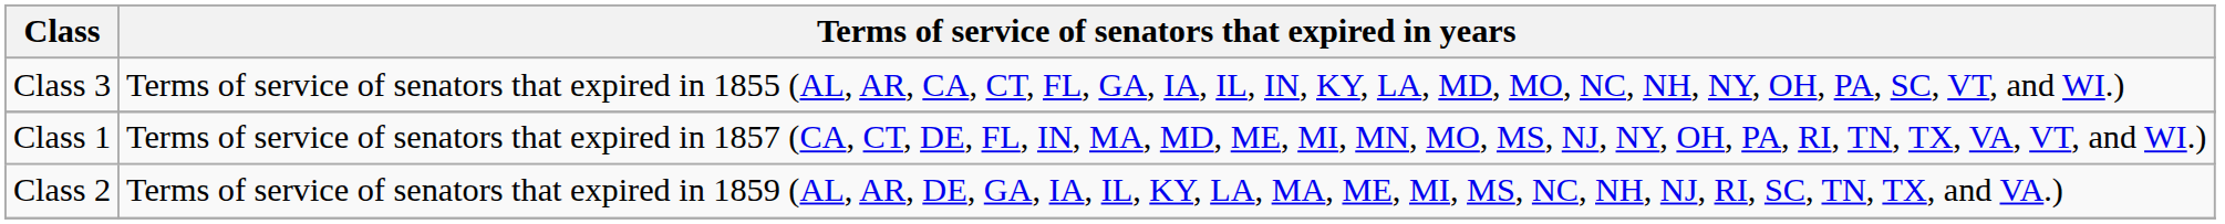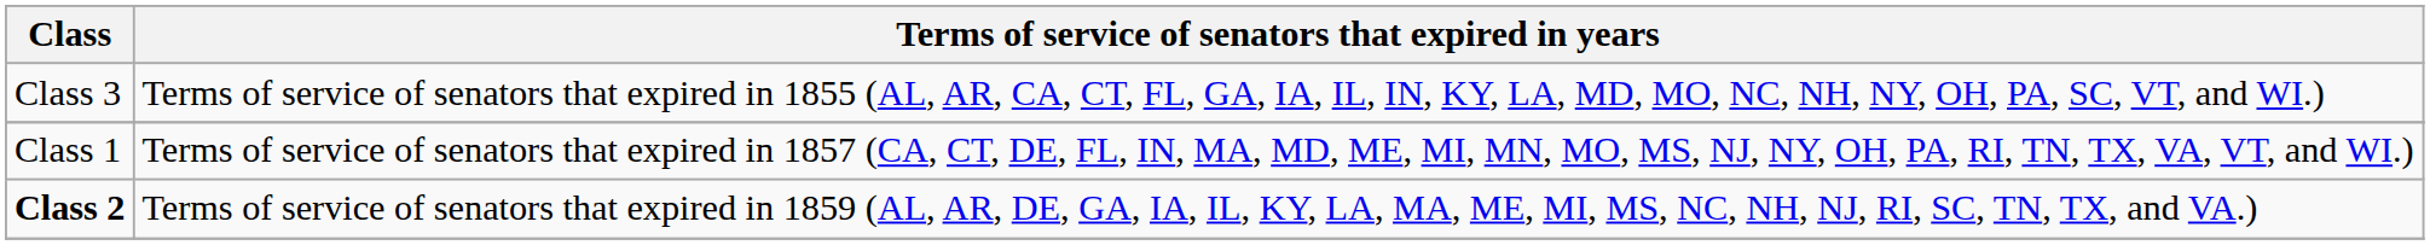 <table class="wikitable sortable">
 <tr valign=bottom>
 <th>Class</th>
 <th>Terms of service of senators that expired in years</th>
 </tr>
 <tr>
 <td>Class 3</td>
 <td>Terms of service of senators that expired in 1855 (<a href='#'>AL</a>, <a href='#'>AR</a>, <a href='#'>CA</a>, <a href='#'>CT</a>, <a href='#'>FL</a>, <a href='#'>GA</a>, <a href='#'>IA</a>, <a href='#'>IL</a>, <a href='#'>IN</a>, <a href='#'>KY</a>, <a href='#'>LA</a>, <a href='#'>MD</a>, <a href='#'>MO</a>, <a href='#'>NC</a>, <a href='#'>NH</a>, <a href='#'>NY</a>, <a href='#'>OH</a>, <a href='#'>PA</a>, <a href='#'>SC</a>, <a href='#'>VT</a>, and <a href='#'>WI</a>.)</td>
 </tr>
 <tr>
 </tr>
 <tr>
 <td>Class 1</td>
 <td>Terms of service of senators that expired in 1857 (<a href='#'>CA</a>, <a href='#'>CT</a>, <a href='#'>DE</a>, <a href='#'>FL</a>, <a href='#'>IN</a>, <a href='#'>MA</a>, <a href='#'>MD</a>, <a href='#'>ME</a>,  <a href='#'>MI</a>, <a href='#'>MN</a>, <a href='#'>MO</a>, <a href='#'>MS</a>, <a href='#'>NJ</a>, <a href='#'>NY</a>, <a href='#'>OH</a>, <a href='#'>PA</a>, <a href='#'>RI</a>, <a href='#'>TN</a>, <a href='#'>TX</a>, <a href='#'>VA</a>, <a href='#'>VT</a>, and <a href='#'>WI</a>.)</td>
 </tr>
 <tr>
-<td>Class 2</td>
+<td><strong>Class 2</strong></td>
 <td>Terms of service of senators that expired in 1859 (<a href='#'>AL</a>, <a href='#'>AR</a>, <a href='#'>DE</a>, <a href='#'>GA</a>, <a href='#'>IA</a>, <a href='#'>IL</a>, <a href='#'>KY</a>, <a href='#'>LA</a>, <a href='#'>MA</a>, <a href='#'>ME</a>, <a href='#'>MI</a>, <a href='#'>MS</a>, <a href='#'>NC</a>, <a href='#'>NH</a>, <a href='#'>NJ</a>, <a href='#'>RI</a>, <a href='#'>SC</a>, <a href='#'>TN</a>, <a href='#'>TX</a>, and <a href='#'>VA</a>.)</td>
 </tr>
 <tr>
 </tr>
 </table>
